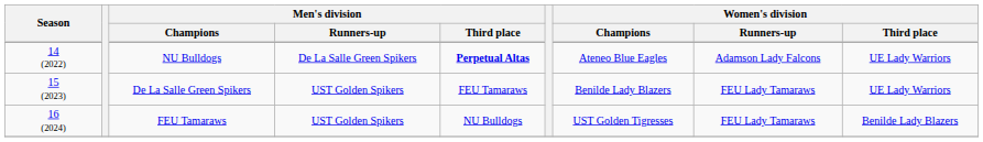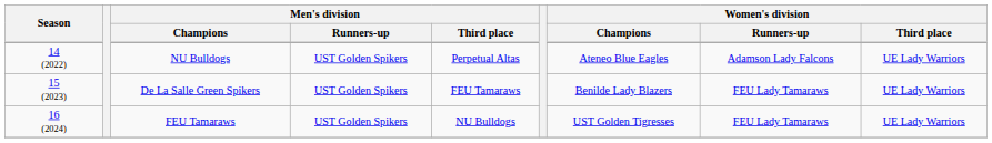 <table class=wikitable style="border-collapse: collapse; font-size:90%; text-align: center" width=100%>
 <tr>
 <th rowspan=2 width=10%>Season</th>
 <th rowspan=5></th>
 <th colspan=3>Men's division</th>
 <th rowspan=5></th>
 <th colspan=3>Women's division</th>
 </tr>
 <tr>
 <th> Champions</th>
 <th> Runners-up</th>
 <th> Third place</th>
 <th> Champions</th>
 <th> Runners-up</th>
 <th> Third place</th>
 </tr>
 <tr style="border-top: 2px solid #aaaaaa;">
 <td><a href='#'>14</a><br><small>(2022)</small><br></td>
 <td><a href='#'>NU Bulldogs</a></td>
-<td><a href='#'>De La Salle Green Spikers</a></td>
-<td><strong><a href='#'>Perpetual Altas</a><br></strong></td>
+<td><a href='#'>UST Golden Spikers</a></td>
+<td><a href='#'>Perpetual Altas</a><br></td>
 <td><a href='#'>Ateneo Blue Eagles</a></td>
 <td><a href='#'>Adamson Lady Falcons</a></td>
 <td><a href='#'>UE Lady Warriors</a></td>
 </tr>
 <tr>
 <td><a href='#'>15</a><br><small>(2023)</small><br></td>
 <td><a href='#'>De La Salle Green Spikers</a></td>
 <td><a href='#'>UST Golden Spikers</a></td>
 <td><a href='#'>FEU Tamaraws</a><br></td>
 <td><a href='#'>Benilde Lady Blazers</a></td>
 <td><a href='#'>FEU Lady Tamaraws</a></td>
 <td><a href='#'>UE Lady Warriors</a></td>
 </tr>
 <tr>
 <td><a href='#'>16</a><br><small>(2024)</small><br></td>
 <td><a href='#'>FEU Tamaraws</a></td>
 <td><a href='#'>UST Golden Spikers</a></td>
 <td><a href='#'>NU Bulldogs</a><br></td>
 <td><a href='#'>UST Golden Tigresses</a></td>
 <td><a href='#'>FEU Lady Tamaraws</a></td>
-<td><a href='#'>Benilde Lady Blazers</a></td>
+<td><a href='#'>UE Lady Warriors</a></td>
 </tr>
 <tr>
 </tr>
 </table>
